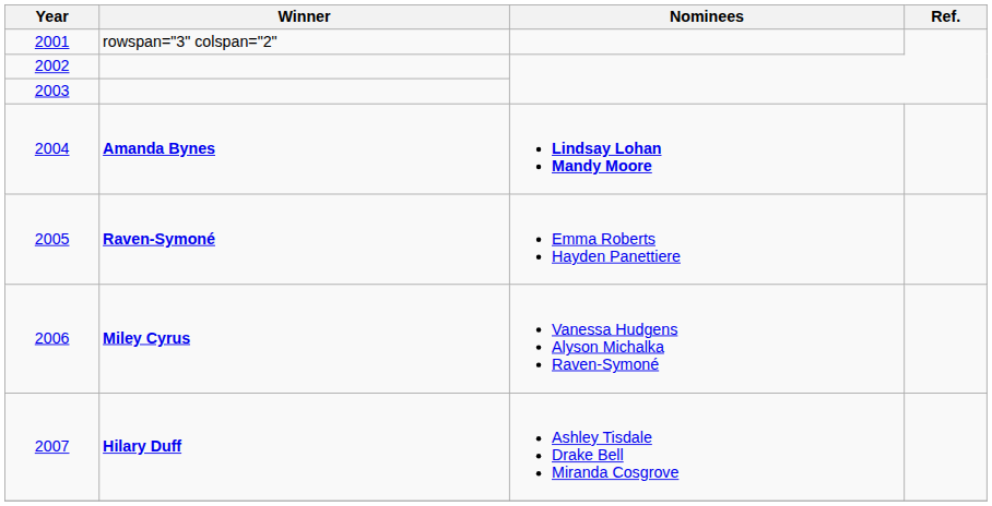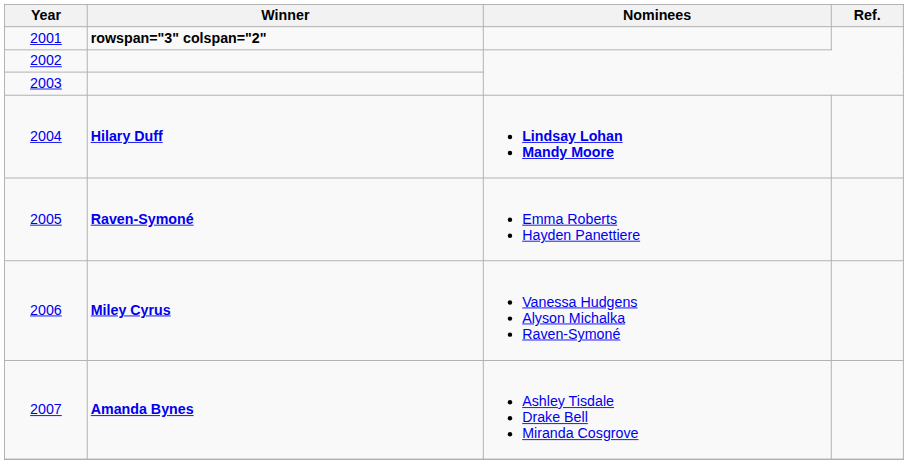 <table class="wikitable" width=80%>
 <tr>
 <th>Year</th>
 <th>Winner</th>
 <th>Nominees</th>
 <th>Ref.</th>
 </tr>
 <tr>
 <td align="center"><a href='#'>2001</a></td>
-<td>rowspan="3" colspan="2" </td>
+<td><strong>rowspan="3" colspan="2" </strong></td>
 <td align="center"></td>
 </tr>
 <tr>
 <td align="center"><a href='#'>2002</a></td>
 <td align="center"></td>
 </tr>
 <tr>
 <td align="center"><a href='#'>2003</a></td>
 <td align="center"></td>
 </tr>
 <tr>
 <td align="center"><a href='#'>2004</a></td>
-<td><strong><a href='#'>Amanda Bynes</a></strong></td>
+<td><strong><a href='#'>Hilary Duff</a></strong></td>
 <td><strong><br><ul><li><a href='#'>Lindsay Lohan</a></li><li><a href='#'>Mandy Moore</a></li></ul></strong></td>
 <td align="center"></td>
 </tr>
 <tr>
 <td align="center"><a href='#'>2005</a></td>
 <td><strong><a href='#'>Raven-Symoné</a></strong></td>
 <td><br><ul><li><a href='#'>Emma Roberts</a></li><li><a href='#'>Hayden Panettiere</a></li></ul></td>
 <td align="center"></td>
 </tr>
 <tr>
 <td align="center"><a href='#'>2006</a></td>
 <td><strong><a href='#'>Miley Cyrus</a></strong></td>
 <td><br><ul><li><a href='#'>Vanessa Hudgens</a></li><li><a href='#'>Alyson Michalka</a></li><li><a href='#'>Raven-Symoné</a></li></ul></td>
 <td align="center"></td>
 </tr>
 <tr>
 <td align="center"><a href='#'>2007</a></td>
-<td><strong><a href='#'>Hilary Duff</a></strong></td>
+<td><strong><a href='#'>Amanda Bynes</a></strong></td>
 <td><br><ul><li><a href='#'>Ashley Tisdale</a></li><li><a href='#'>Drake Bell</a></li><li><a href='#'>Miranda Cosgrove</a></li></ul></td>
 <td align="center"></td>
 </tr>
 <tr>
 </tr>
 </table>
